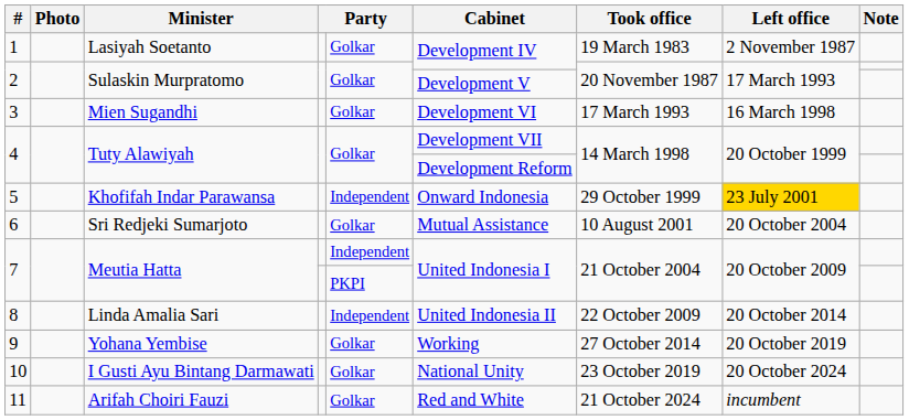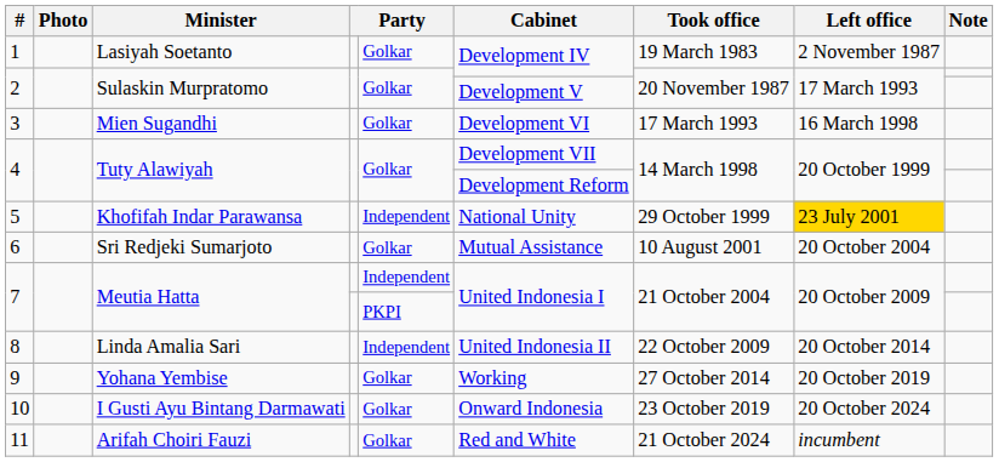 <table class="wikitable">
 <tr>
 <th>#</th>
 <th>Photo</th>
 <th>Minister</th>
 <th colspan=2>Party</th>
 <th>Cabinet</th>
 <th>Took office</th>
 <th>Left office</th>
 <th>Note</th>
 </tr>
 <tr>
 <td>1</td>
 <td></td>
 <td>Lasiyah Soetanto</td>
 <td bgcolor=></td>
 <td style="font-size: 90%"><a href='#'>Golkar</a></td>
 <td rowspan=2><a href='#'>Development IV</a></td>
 <td>19 March 1983</td>
 <td>2 November 1987</td>
 <td></td>
 </tr>
 <tr>
 <td rowspan=2>2</td>
 <td rowspan=2></td>
 <td rowspan=2>Sulaskin Murpratomo</td>
 <td rowspan=2 bgcolor=></td>
 <td rowspan=2 style="font-size: 90%"><a href='#'>Golkar</a></td>
 <td rowspan=2>20 November 1987</td>
 <td rowspan=2>17 March 1993</td>
 <td></td>
 </tr>
 <tr>
 <td><a href='#'>Development V</a></td>
 <td></td>
 </tr>
 <tr>
 <td>3</td>
 <td></td>
 <td><a href='#'>Mien Sugandhi</a></td>
 <td bgcolor=></td>
 <td style="font-size: 90%"><a href='#'>Golkar</a></td>
 <td><a href='#'>Development VI</a></td>
 <td>17 March 1993</td>
 <td>16 March 1998</td>
 <td></td>
 </tr>
 <tr>
 <td rowspan=2>4</td>
 <td rowspan=2></td>
 <td rowspan=2><a href='#'>Tuty Alawiyah</a></td>
 <td rowspan=2 bgcolor=></td>
 <td rowspan=2 style="font-size: 90%"><a href='#'>Golkar</a></td>
 <td><a href='#'>Development VII</a></td>
 <td rowspan=2>14 March 1998</td>
 <td rowspan=2>20 October 1999</td>
 <td></td>
 </tr>
 <tr>
 <td><a href='#'>Development Reform</a></td>
 <td></td>
 </tr>
 <tr>
 <td>5</td>
 <td></td>
 <td><a href='#'>Khofifah Indar Parawansa</a></td>
 <td bgcolor=></td>
 <td style="font-size: 90%"><a href='#'>Independent</a></td>
-<td><a href='#'>Onward Indonesia</a></td>
+<td><a href='#'>National Unity</a></td>
 <td>29 October 1999</td>
 <td style="background: gold;">23 July 2001</td>
 <td></td>
 </tr>
 <tr>
 <td>6</td>
 <td></td>
 <td>Sri Redjeki Sumarjoto</td>
 <td bgcolor=></td>
 <td style="font-size: 90%"><a href='#'>Golkar</a></td>
 <td><a href='#'>Mutual Assistance</a></td>
 <td>10 August 2001</td>
 <td>20 October 2004</td>
 <td></td>
 </tr>
 <tr>
 <td rowspan=2>7</td>
 <td rowspan=2></td>
 <td rowspan=2><a href='#'>Meutia Hatta</a></td>
 <td bgcolor=></td>
 <td style="font-size: 90%"><a href='#'>Independent</a></td>
 <td rowspan=2><a href='#'>United Indonesia I</a></td>
 <td rowspan=2>21 October 2004</td>
 <td rowspan=2>20 October 2009</td>
 <td></td>
 </tr>
 <tr style=height:2em>
 <td bgcolor=></td>
 <td style="font-size: 90%"><a href='#'>PKPI</a></td>
 <td></td>
 </tr>
 <tr>
 <td>8</td>
 <td></td>
 <td>Linda Amalia Sari</td>
 <td bgcolor=></td>
 <td style="font-size: 90%"><a href='#'>Independent</a></td>
 <td><a href='#'>United Indonesia II</a></td>
 <td>22 October 2009</td>
 <td>20 October 2014</td>
 <td></td>
 </tr>
 <tr>
 <td>9</td>
 <td></td>
 <td><a href='#'>Yohana Yembise</a></td>
 <td bgcolor=></td>
 <td style="font-size: 90%"><a href='#'>Golkar</a></td>
 <td><a href='#'>Working</a></td>
 <td>27 October 2014</td>
 <td>20 October 2019</td>
 <td></td>
 </tr>
 <tr>
 <td>10</td>
 <td></td>
 <td><a href='#'>I Gusti Ayu Bintang Darmawati</a></td>
 <td bgcolor=></td>
 <td style="font-size: 90%"><a href='#'>Golkar</a></td>
-<td><a href='#'>National Unity</a></td>
+<td><a href='#'>Onward Indonesia</a></td>
 <td>23 October 2019</td>
 <td>20 October 2024</td>
 <td></td>
 </tr>
 <tr>
 <td>11</td>
 <td></td>
 <td><a href='#'>Arifah Choiri Fauzi</a></td>
 <td bgcolor=></td>
 <td style="font-size: 90%"><a href='#'>Golkar</a></td>
 <td><a href='#'>Red and White</a></td>
 <td>21 October 2024</td>
 <td><em>incumbent</em></td>
 <td></td>
 </tr>
 </table>
